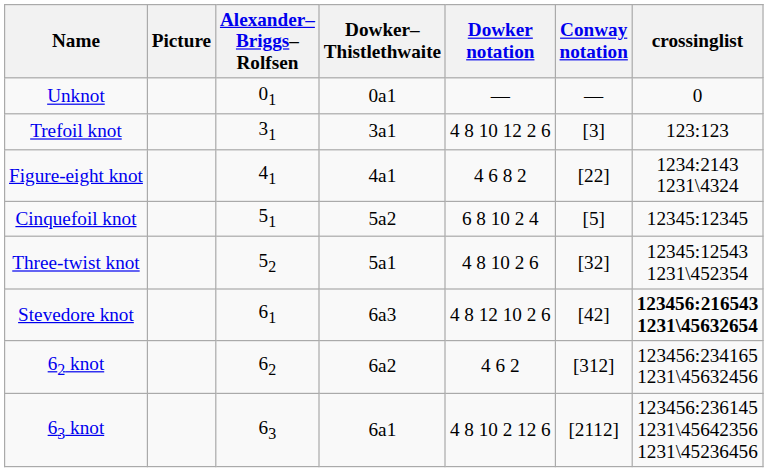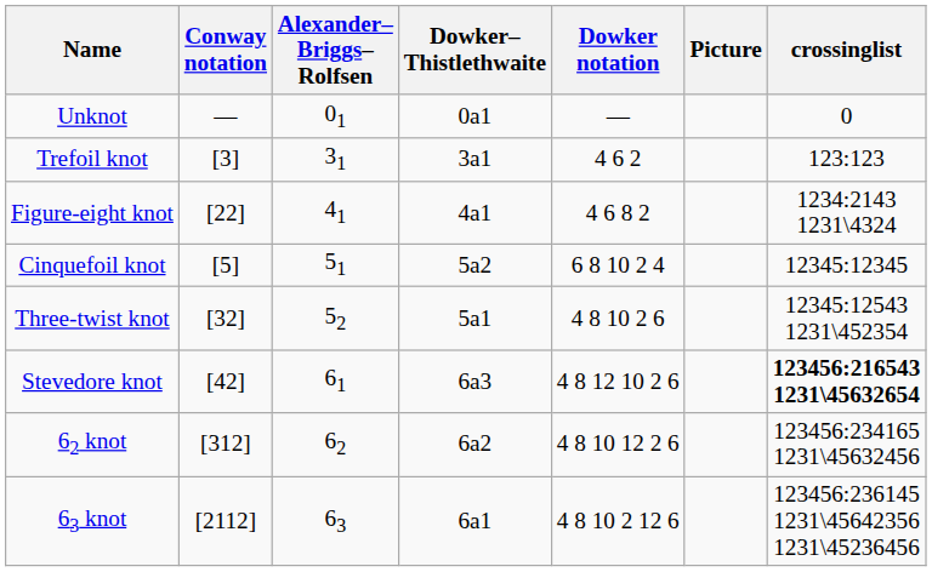 <table class="wikitable sortable" style="text-align:center">
 <tr>
 <th>Name</th>
-<th>Picture</th>
+<th><a href='#'>Conway<br> notation</a></th>
 <th><a href='#'>Alexander–<br> Briggs</a>–<br>Rolfsen</th>
 <th>Dowker–<br>Thistlethwaite</th>
 <th><a href='#'>Dowker<br> notation</a></th>
-<th><a href='#'>Conway<br> notation</a></th>
+<th>Picture</th>
 <th>crossinglist</th>
 </tr>
 <tr>
 <td><a href='#'>Unknot</a></td>
-<td></td>
+<td>—</td>
 <td>0<sub>1</sub></td>
 <td>0a1</td>
 <td>—</td>
-<td>—</td>
+<td></td>
 <td>0</td>
 </tr>
 <tr>
 <td><a href='#'>Trefoil knot</a></td>
-<td></td>
+<td>[3]</td>
 <td>3<sub>1</sub></td>
 <td>3a1</td>
-<td>4 8 10 12 2 6</td>
-<td>[3]</td>
+<td>4 6 2</td>
+<td></td>
 <td>123:123</td>
 </tr>
 <tr>
 <td><a href='#'>Figure-eight knot</a></td>
-<td></td>
+<td>[22]</td>
 <td>4<sub>1</sub></td>
 <td>4a1</td>
 <td>4 6 8 2</td>
-<td>[22]</td>
+<td></td>
 <td>1234:2143<br>1231\4324</td>
 </tr>
 <tr>
 <td><a href='#'>Cinquefoil knot</a></td>
-<td></td>
+<td>[5]</td>
 <td>5<sub>1</sub></td>
 <td>5a2</td>
 <td>6 8 10 2 4</td>
-<td>[5]</td>
+<td></td>
 <td>12345:12345</td>
 </tr>
 <tr>
 <td><a href='#'>Three-twist knot</a></td>
-<td></td>
+<td>[32]</td>
 <td>5<sub>2</sub></td>
 <td>5a1</td>
 <td>4 8 10 2 6</td>
-<td>[32]</td>
+<td></td>
 <td>12345:12543<br>1231\452354</td>
 </tr>
 <tr>
 <td><a href='#'>Stevedore knot</a></td>
-<td></td>
+<td>[42]</td>
 <td>6<sub>1</sub></td>
 <td>6a3</td>
 <td>4 8 12 10 2 6</td>
-<td>[42]</td>
+<td></td>
 <td><strong>123456:216543<br>1231\45632654</strong></td>
 </tr>
 <tr>
 <td><a href='#'>6<sub>2</sub> knot</a></td>
-<td></td>
+<td>[312]</td>
 <td>6<sub>2</sub></td>
 <td>6a2</td>
-<td>4 6 2</td>
-<td>[312]</td>
+<td>4 8 10 12 2 6</td>
+<td></td>
 <td>123456:234165<br>1231\45632456</td>
 </tr>
 <tr>
 <td><a href='#'>6<sub>3</sub> knot</a></td>
-<td></td>
+<td>[2112]</td>
 <td>6<sub>3</sub></td>
 <td>6a1</td>
 <td>4 8 10 2 12 6</td>
-<td>[2112]</td>
+<td></td>
 <td>123456:236145<br>1231\45642356<br>1231\45236456</td>
 </tr>
 </table>
